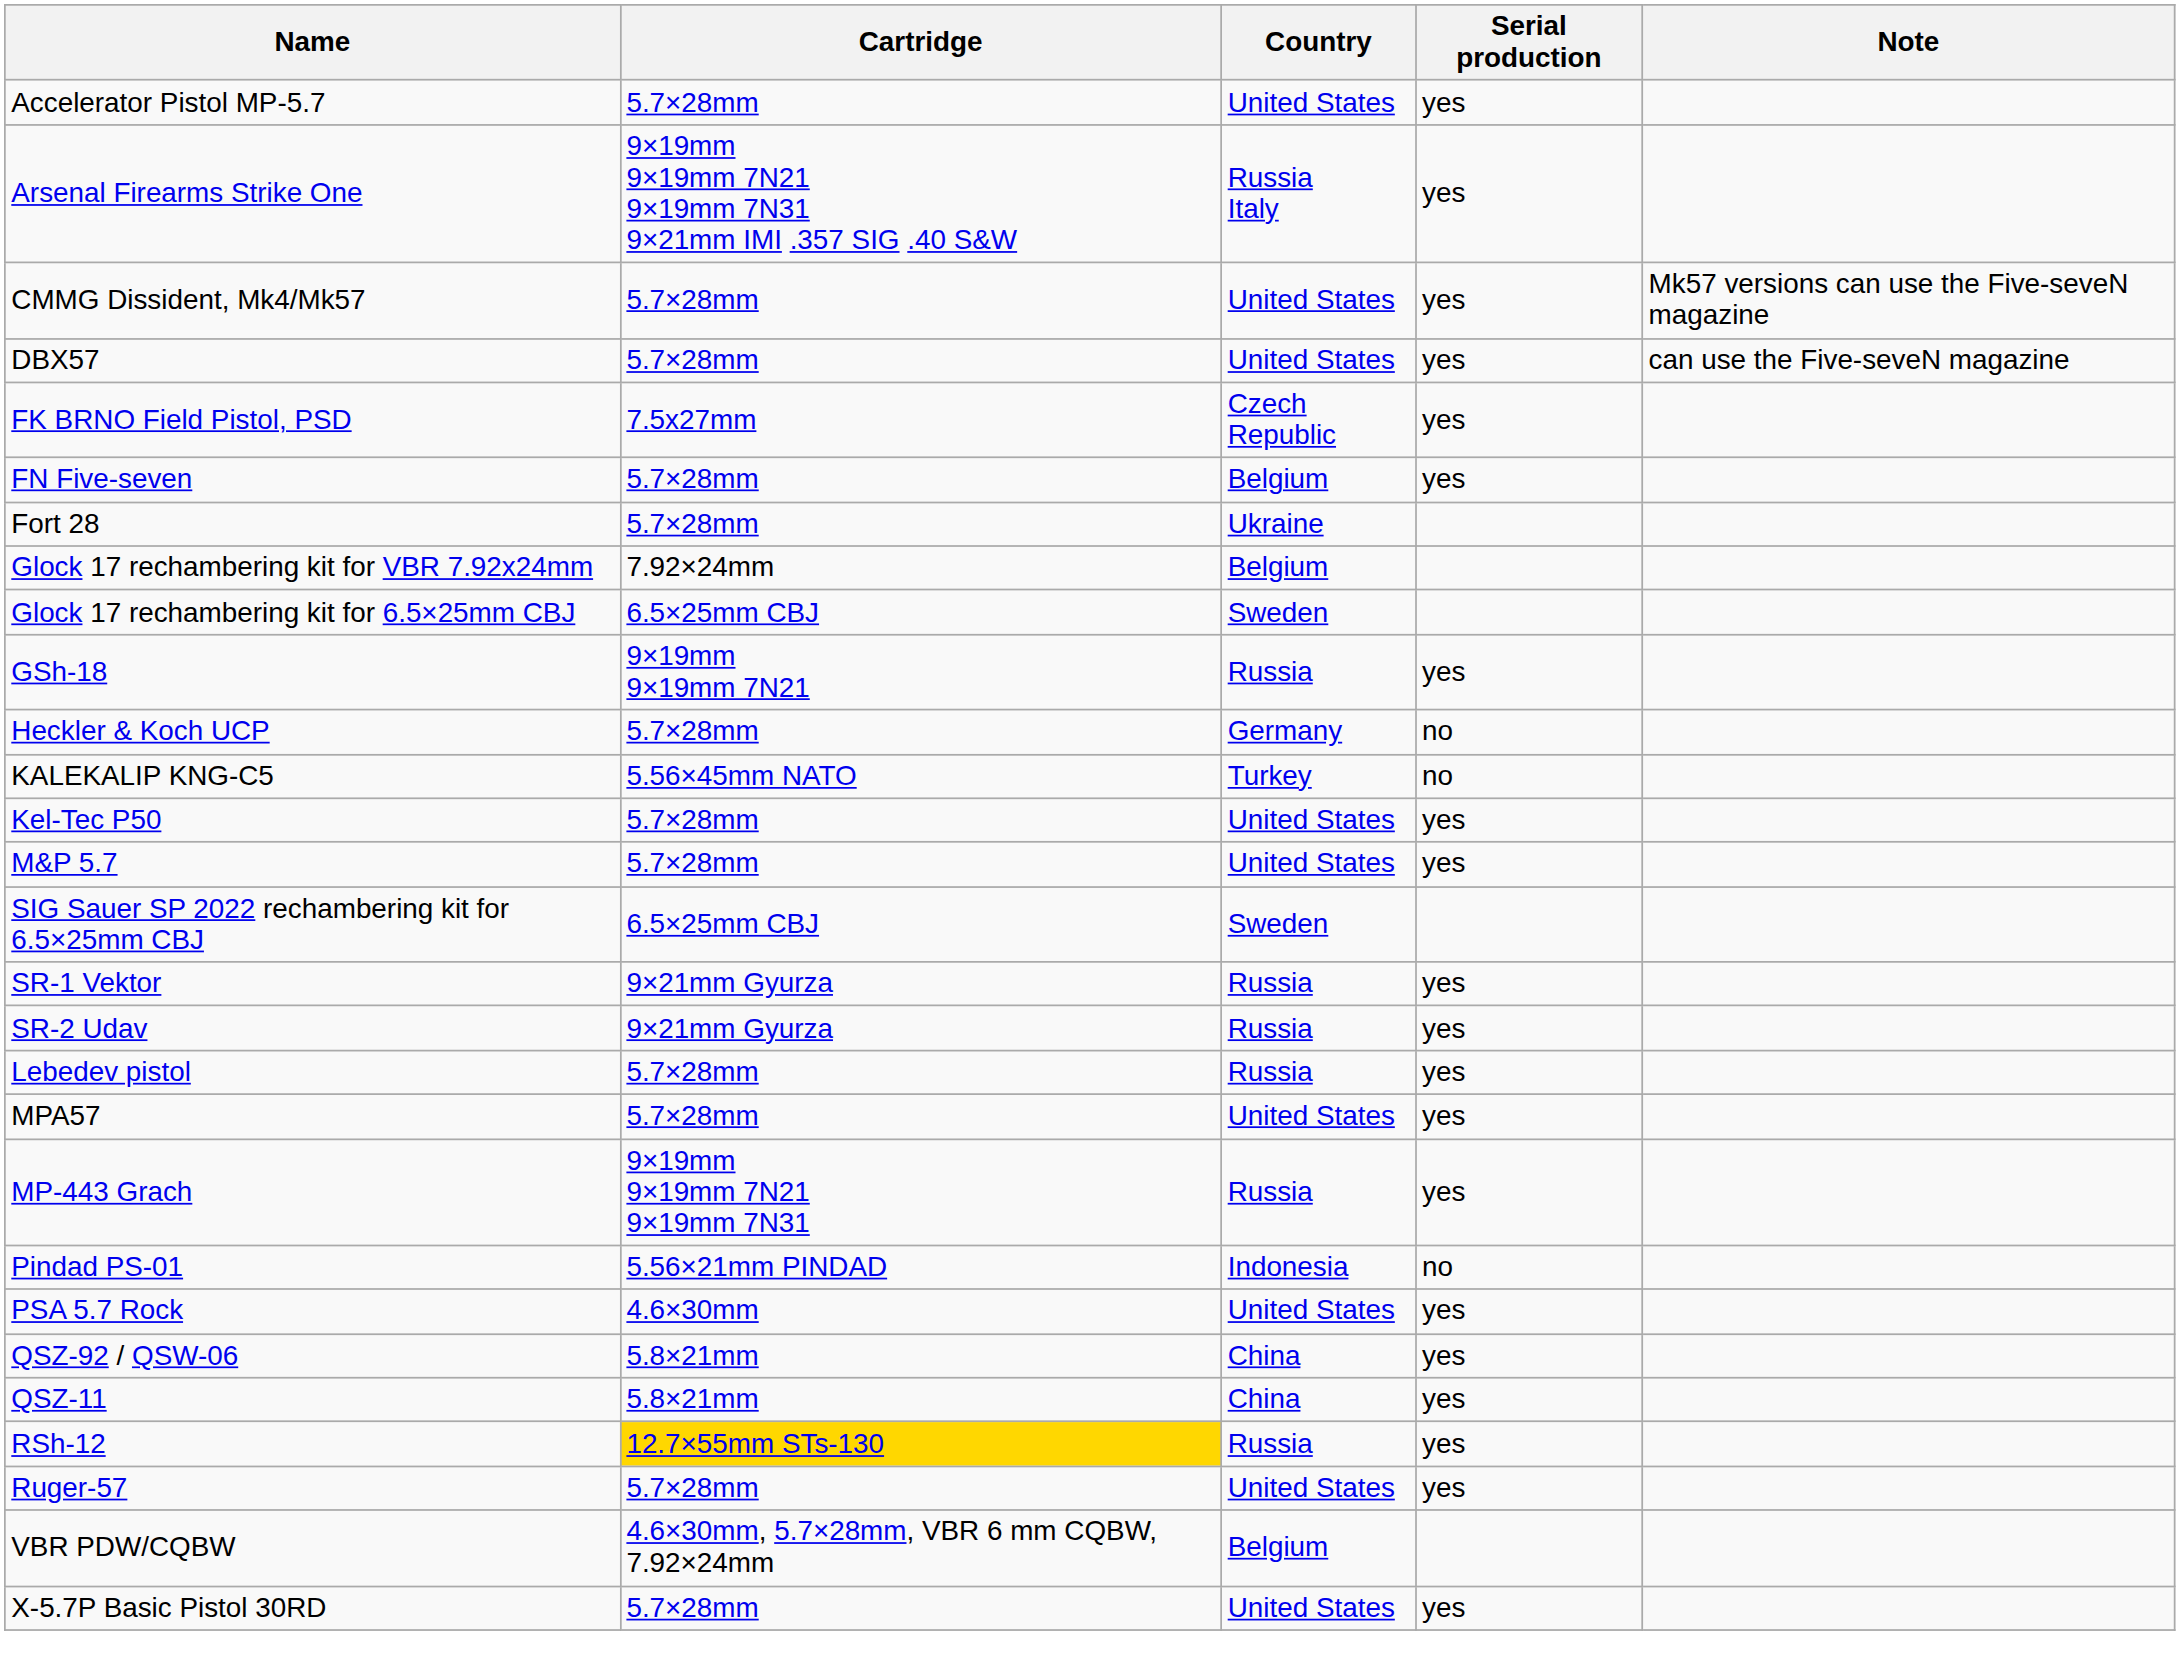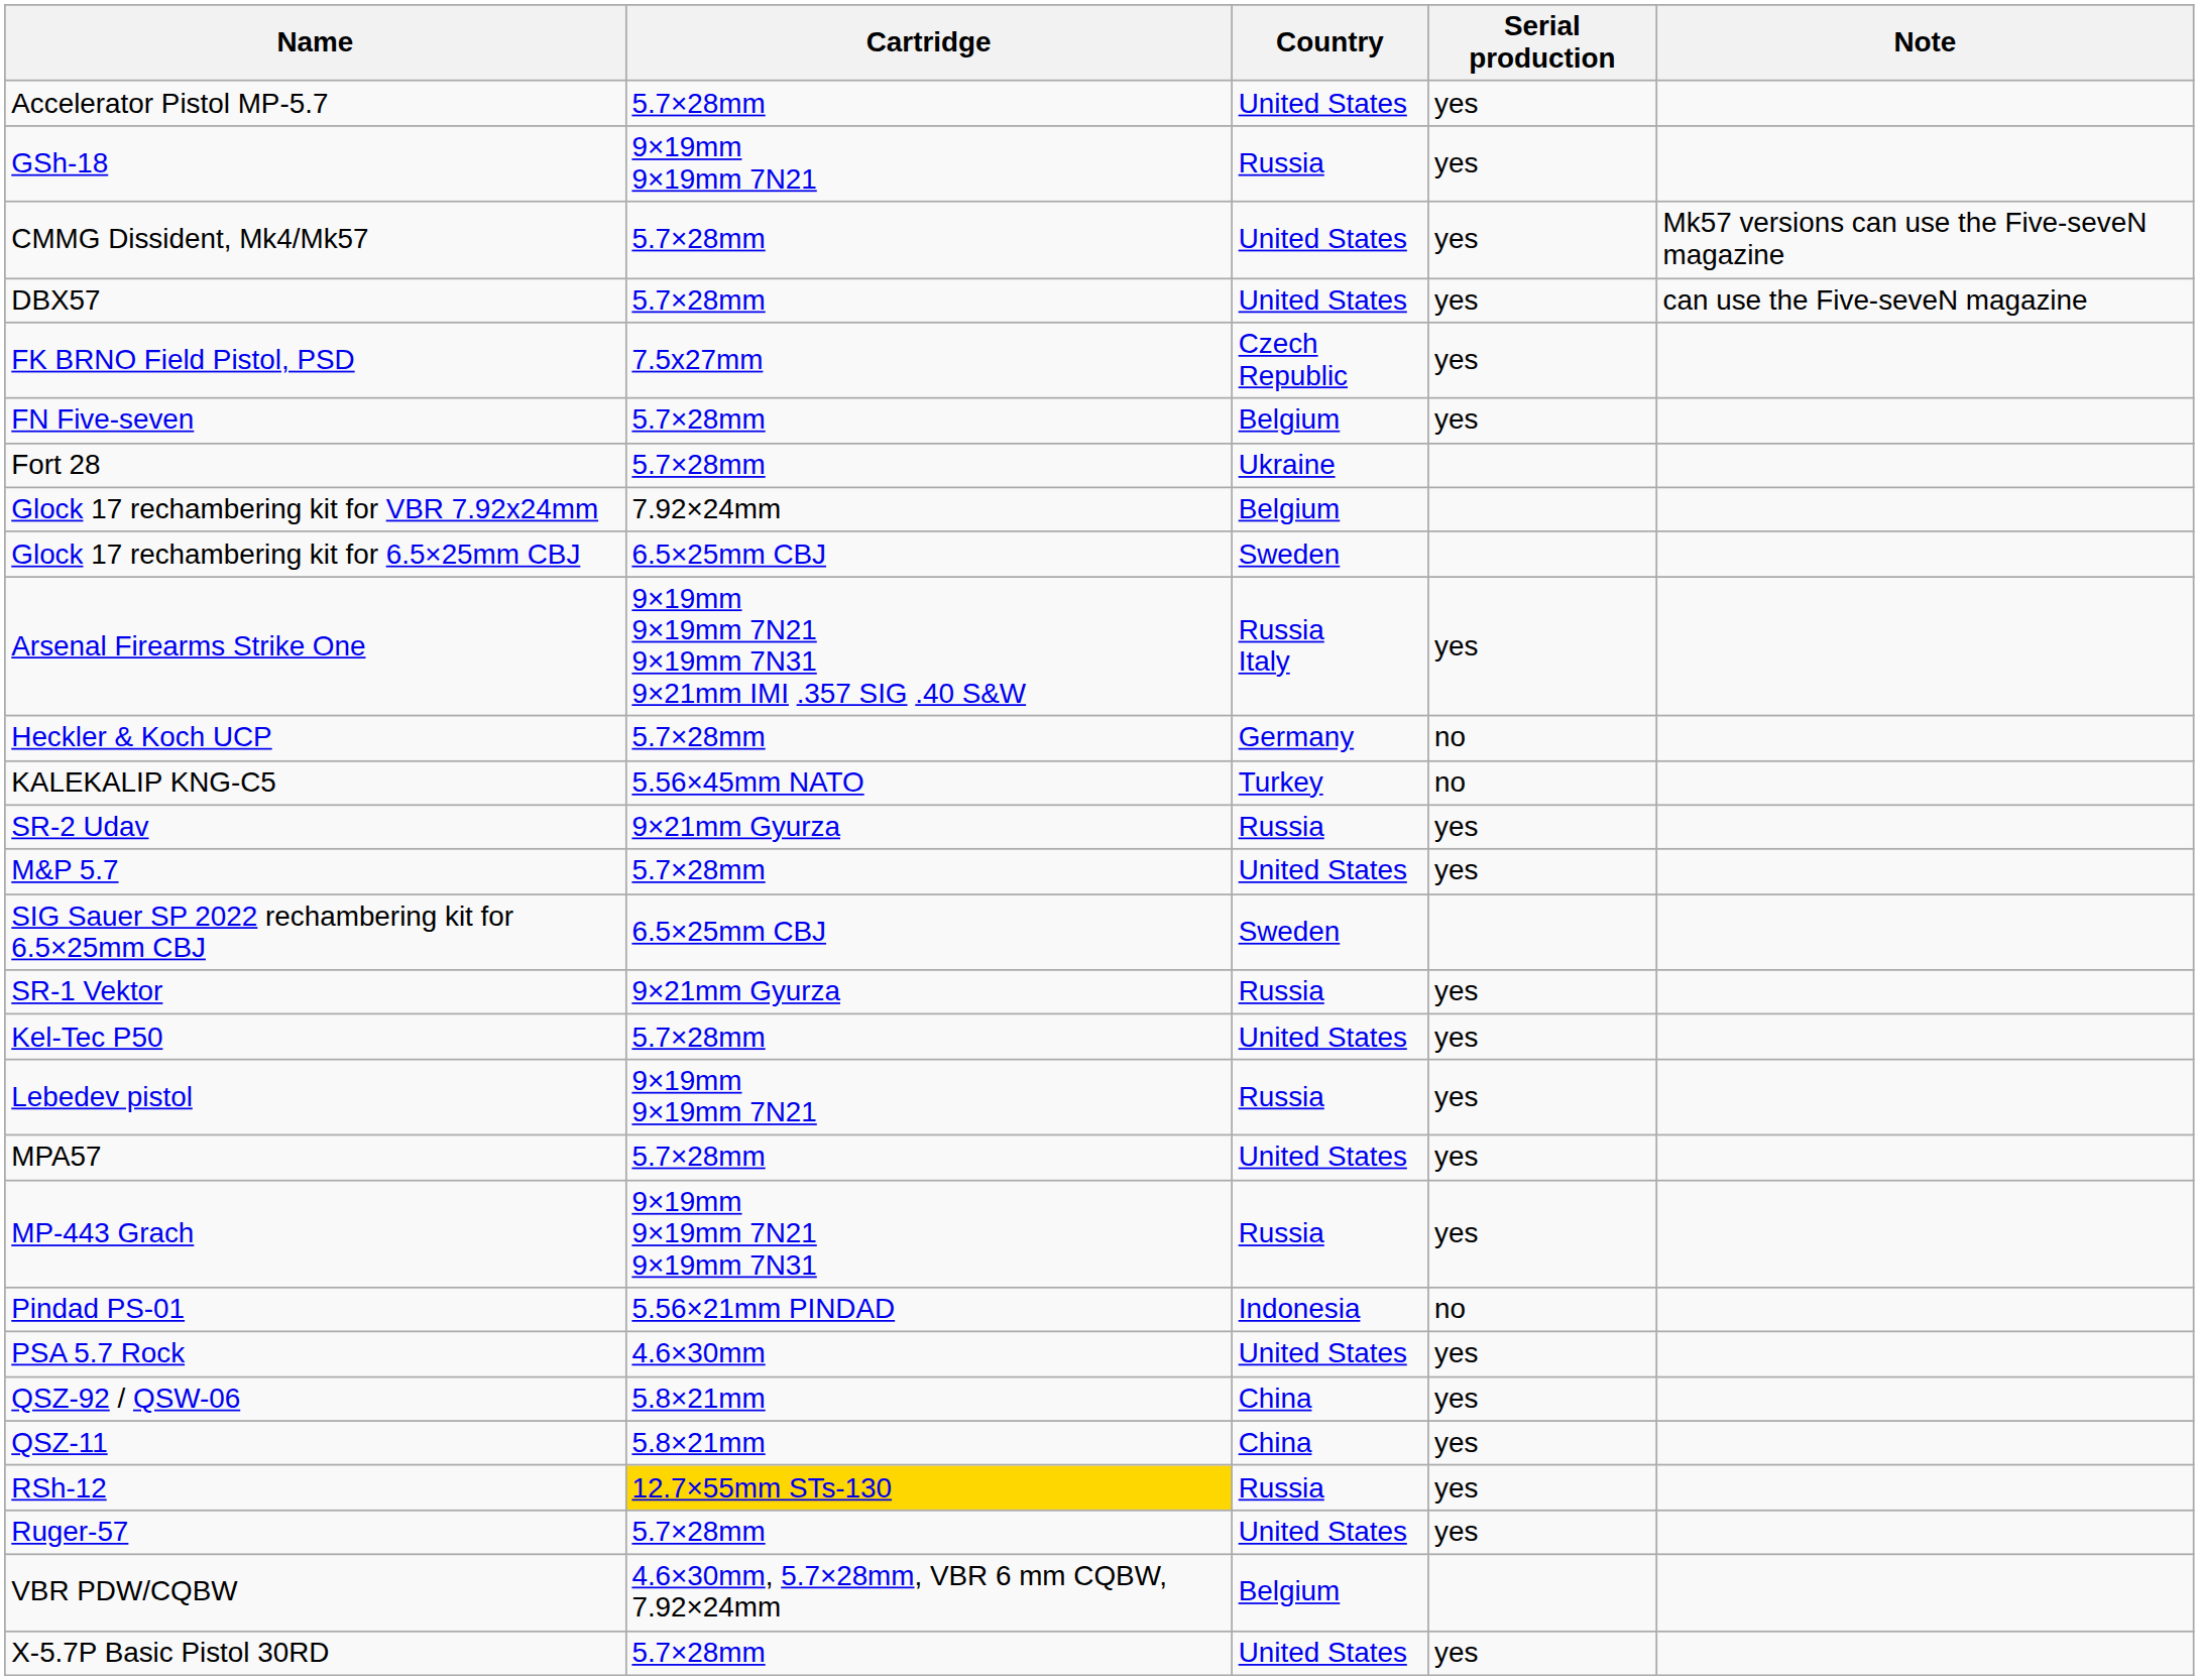 <table class="wikitable sortable">
 <tr>
 <th>Name</th>
 <th>Cartridge</th>
 <th>Country</th>
 <th>Serial production</th>
 <th>Note</th>
 </tr>
 <tr>
 <td>Accelerator Pistol MP-5.7</td>
 <td><a href='#'>5.7×28mm</a></td>
 <td><a href='#'>United States</a></td>
 <td>yes</td>
 <td></td>
 </tr>
 <tr>
-<td><a href='#'>Arsenal Firearms Strike One</a></td>
-<td><a href='#'>9×19mm</a><br><a href='#'>9×19mm 7N21</a><br><a href='#'>9×19mm 7N31</a><br><a href='#'>9×21mm IMI</a> <a href='#'>.357 SIG</a> <a href='#'>.40 S&W</a></td>
-<td><a href='#'>Russia</a><br><a href='#'>Italy</a></td>
+<td><a href='#'>GSh-18</a></td>
+<td><a href='#'>9×19mm</a><br><a href='#'>9×19mm 7N21</a></td>
+<td><a href='#'>Russia</a></td>
 <td>yes</td>
 <td></td>
 </tr>
 <tr>
 <td>CMMG Dissident, Mk4/Mk57</td>
 <td><a href='#'>5.7×28mm</a></td>
 <td><a href='#'>United States</a></td>
 <td>yes</td>
 <td>Mk57 versions can use the Five-seveN magazine</td>
 </tr>
 <tr>
 <td>DBX57</td>
 <td><a href='#'>5.7×28mm</a></td>
 <td><a href='#'>United States</a></td>
 <td>yes</td>
 <td>can use the Five-seveN magazine</td>
 </tr>
 <tr>
 <td><a href='#'>FK BRNO Field Pistol, PSD</a></td>
 <td><a href='#'>7.5x27mm</a></td>
 <td><a href='#'>Czech Republic</a></td>
 <td>yes</td>
 <td></td>
 </tr>
 <tr>
 <td><a href='#'>FN Five-seven</a></td>
 <td><a href='#'>5.7×28mm</a></td>
 <td><a href='#'>Belgium</a></td>
 <td>yes</td>
 <td></td>
 </tr>
 <tr>
 <td>Fort 28</td>
 <td><a href='#'>5.7×28mm</a></td>
 <td><a href='#'>Ukraine</a></td>
 <td></td>
 <td></td>
 </tr>
 <tr>
 <td><a href='#'>Glock</a> 17 rechambering kit for <a href='#'>VBR 7.92x24mm</a></td>
 <td>7.92×24mm</td>
 <td><a href='#'>Belgium</a></td>
 <td></td>
 <td></td>
 </tr>
 <tr>
 <td><a href='#'>Glock</a> 17 rechambering kit for <a href='#'>6.5×25mm CBJ</a></td>
 <td><a href='#'>6.5×25mm CBJ</a></td>
 <td><a href='#'>Sweden</a></td>
 <td></td>
 <td></td>
 </tr>
 <tr>
-<td><a href='#'>GSh-18</a></td>
-<td><a href='#'>9×19mm</a><br><a href='#'>9×19mm 7N21</a></td>
-<td><a href='#'>Russia</a></td>
+<td><a href='#'>Arsenal Firearms Strike One</a></td>
+<td><a href='#'>9×19mm</a><br><a href='#'>9×19mm 7N21</a><br><a href='#'>9×19mm 7N31</a><br><a href='#'>9×21mm IMI</a> <a href='#'>.357 SIG</a> <a href='#'>.40 S&W</a></td>
+<td><a href='#'>Russia</a><br><a href='#'>Italy</a></td>
 <td>yes</td>
 <td></td>
 </tr>
 <tr>
 <td><a href='#'>Heckler & Koch UCP</a></td>
 <td><a href='#'>5.7×28mm</a></td>
 <td><a href='#'>Germany</a></td>
 <td>no</td>
 <td></td>
 </tr>
 <tr>
 <td>KALEKALIP KNG-C5</td>
 <td><a href='#'>5.56×45mm NATO</a></td>
 <td><a href='#'>Turkey</a></td>
 <td>no</td>
 <td></td>
 </tr>
 <tr>
-<td><a href='#'>Kel-Tec P50</a></td>
-<td><a href='#'>5.7×28mm</a></td>
-<td><a href='#'>United States</a></td>
+<td><a href='#'>SR-2 Udav</a></td>
+<td><a href='#'>9×21mm Gyurza</a></td>
+<td><a href='#'>Russia</a></td>
 <td>yes</td>
 <td></td>
 </tr>
 <tr>
 <td><a href='#'>M&P 5.7</a></td>
 <td><a href='#'>5.7×28mm</a></td>
 <td><a href='#'>United States</a></td>
 <td>yes</td>
 <td></td>
 </tr>
 <tr>
 <td><a href='#'>SIG Sauer SP 2022</a> rechambering kit for <a href='#'>6.5×25mm CBJ</a></td>
 <td><a href='#'>6.5×25mm CBJ</a></td>
 <td><a href='#'>Sweden</a></td>
 <td></td>
 <td></td>
 </tr>
 <tr>
 <td><a href='#'>SR-1 Vektor</a></td>
 <td><a href='#'>9×21mm Gyurza</a></td>
 <td><a href='#'>Russia</a></td>
 <td>yes</td>
 <td></td>
 </tr>
 <tr>
-<td><a href='#'>SR-2 Udav</a></td>
-<td><a href='#'>9×21mm Gyurza</a></td>
-<td><a href='#'>Russia</a></td>
+<td><a href='#'>Kel-Tec P50</a></td>
+<td><a href='#'>5.7×28mm</a></td>
+<td><a href='#'>United States</a></td>
 <td>yes</td>
 <td></td>
 </tr>
 <tr>
 <td><a href='#'>Lebedev pistol</a></td>
-<td><a href='#'>5.7×28mm</a></td>
+<td><a href='#'>9×19mm</a><br><a href='#'>9×19mm 7N21</a></td>
 <td><a href='#'>Russia</a></td>
 <td>yes</td>
 <td></td>
 </tr>
 <tr>
 <td>MPA57</td>
 <td><a href='#'>5.7×28mm</a></td>
 <td><a href='#'>United States</a></td>
 <td>yes</td>
 <td></td>
 </tr>
 <tr>
 <td><a href='#'>MP-443 Grach</a></td>
 <td><a href='#'>9×19mm</a><br><a href='#'>9×19mm 7N21</a><br><a href='#'>9×19mm 7N31</a></td>
 <td><a href='#'>Russia</a></td>
 <td>yes</td>
 <td></td>
 </tr>
 <tr>
 <td><a href='#'>Pindad PS-01</a></td>
 <td><a href='#'>5.56×21mm PINDAD</a></td>
 <td><a href='#'>Indonesia</a></td>
 <td>no</td>
 <td></td>
 </tr>
 <tr>
 <td><a href='#'>PSA 5.7 Rock</a></td>
 <td><a href='#'>4.6×30mm</a></td>
 <td><a href='#'>United States</a></td>
 <td>yes</td>
 <td></td>
 </tr>
 <tr>
 <td><a href='#'>QSZ-92</a> / <a href='#'>QSW-06</a></td>
 <td><a href='#'>5.8×21mm</a></td>
 <td><a href='#'>China</a></td>
 <td>yes</td>
 <td></td>
 </tr>
 <tr>
 <td><a href='#'>QSZ-11</a></td>
 <td><a href='#'>5.8×21mm</a></td>
 <td><a href='#'>China</a></td>
 <td>yes</td>
 <td></td>
 </tr>
 <tr>
 <td><a href='#'>RSh-12</a></td>
 <td style="background: gold;"><a href='#'>12.7×55mm STs-130</a></td>
 <td><a href='#'>Russia</a></td>
 <td>yes</td>
 <td></td>
 </tr>
 <tr>
 <td><a href='#'>Ruger-57</a></td>
 <td><a href='#'>5.7×28mm</a></td>
 <td><a href='#'>United States</a></td>
 <td>yes</td>
 <td></td>
 </tr>
 <tr>
 <td>VBR PDW/CQBW</td>
 <td><a href='#'>4.6×30mm</a>, <a href='#'>5.7×28mm</a>, VBR 6 mm CQBW, 7.92×24mm</td>
 <td><a href='#'>Belgium</a></td>
 <td></td>
 <td></td>
 </tr>
 <tr>
 <td>X-5.7P Basic Pistol 30RD</td>
 <td><a href='#'>5.7×28mm</a></td>
 <td><a href='#'>United States</a></td>
 <td>yes</td>
 <td></td>
 </tr>
 </table>
